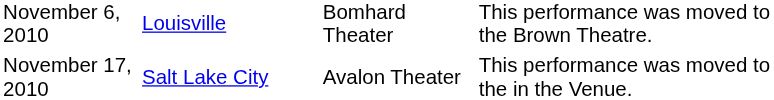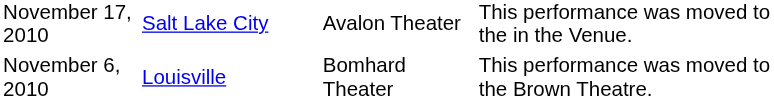 <table cellpadding="2" style="border: 0px solid darkgray;">
 <tr>
 <th width="150"></th>
 <th width="250"></th>
 <th width="200"></th>
 <th width="500"></th>
 </tr>
+<tr>
+<td>November 17, 2010</td>
+<td><a href='#'>Salt Lake City</a></td>
+<td>Avalon Theater</td>
+<td>This performance was moved to the in the Venue.</td>
+</tr>
 <tr border="0">
 <td>November 6, 2010</td>
 <td><a href='#'>Louisville</a></td>
 <td>Bomhard Theater</td>
 <td>This performance was moved to the Brown Theatre.</td>
 </tr>
-<tr>
-<td>November 17, 2010</td>
-<td><a href='#'>Salt Lake City</a></td>
-<td>Avalon Theater</td>
-<td>This performance was moved to the in the Venue.</td>
-</tr>
 </table>
